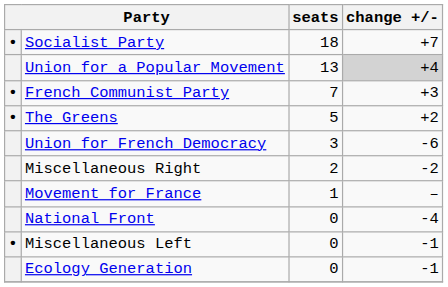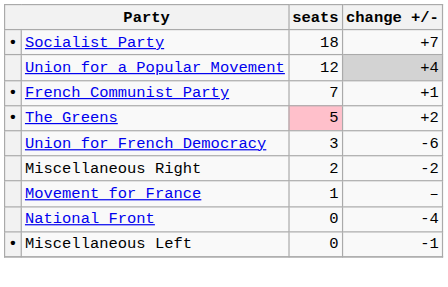 <table class="wikitable">
 <tr>
 <th colspan=2>Party</th>
 <th>seats</th>
 <th>change +/-</th>
 </tr>
 <tr>
 <th style="background-color: "><span>•</span></th>
 <td><a href='#'>Socialist Party</a></td>
 <td align="right">18</td>
 <td align="right">+7</td>
 </tr>
 <tr>
 <th style="background-color: "></th>
 <td><a href='#'>Union for a Popular Movement</a></td>
-<td align="right">13</td>
+<td align="right">12</td>
 <td align="right" style="background: lightgrey;">+4</td>
 </tr>
 <tr>
 <th style="background-color: "><span>•</span></th>
 <td><a href='#'>French Communist Party</a></td>
 <td align="right">7</td>
-<td align="right">+3</td>
+<td align="right">+1</td>
 </tr>
 <tr>
 <th style="background-color: "><span>•</span></th>
 <td><a href='#'>The Greens</a></td>
-<td align="right">5</td>
+<td align="right" style="background: pink;">5</td>
 <td align="right">+2</td>
 </tr>
 <tr>
 <th style="background-color: "></th>
 <td><a href='#'>Union for French Democracy</a></td>
 <td align="right">3</td>
 <td align="right">-6</td>
 </tr>
 <tr>
 <th style="background-color: "></th>
 <td>Miscellaneous Right</td>
 <td align="right">2</td>
 <td align="right">-2</td>
 </tr>
 <tr>
 <th style="background-color: "></th>
 <td><a href='#'>Movement for France</a></td>
 <td align="right">1</td>
 <td align="right">–</td>
 </tr>
 <tr>
 <th style="background-color: "></th>
 <td><a href='#'>National Front</a></td>
 <td align="right">0</td>
 <td align="right">-4</td>
 </tr>
 <tr>
 <th style="background-color: "><span>•</span></th>
 <td>Miscellaneous Left</td>
 <td align="right">0</td>
 <td align="right">-1</td>
 </tr>
 <tr>
-<th style="background-color: "></th>
-<td><a href='#'>Ecology Generation</a></td>
-<td align="right">0</td>
-<td align="right">-1</td>
-</tr>
-<tr>
 </tr>
 </table>
